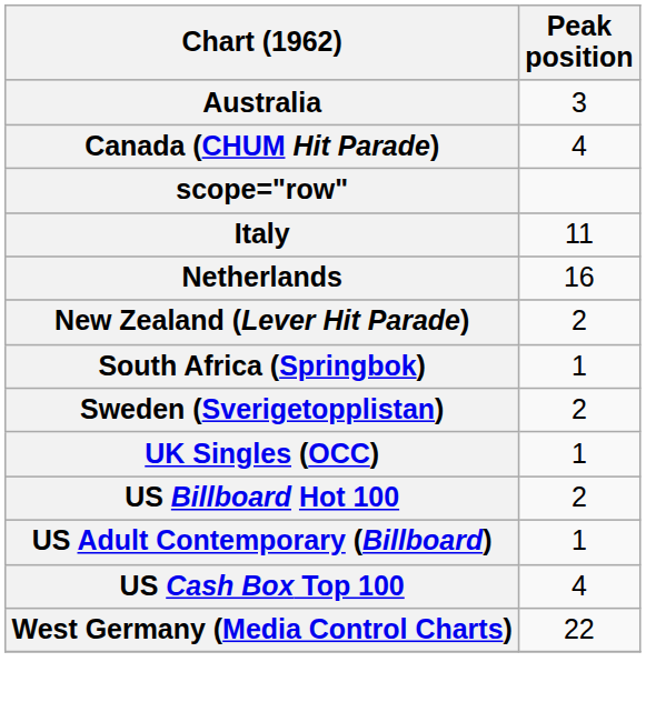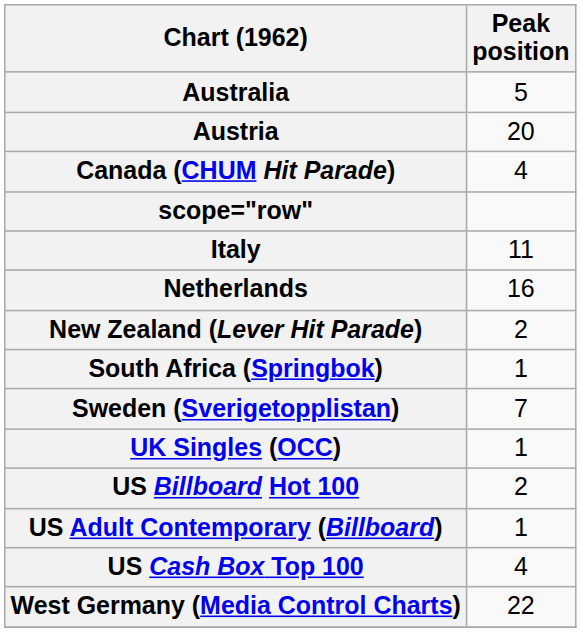 <table class="wikitable plainrowheaders sortable">
 <tr>
 <th>Chart (1962)</th>
 <th>Peak<br>position</th>
 </tr>
 <tr>
 <th scope="row">Australia</th>
-<td style="text-align:center;">3</td>
+<td style="text-align:center;">5</td>
+</tr>
+<tr>
+<th scope="row">Austria</th>
+<td style="text-align:center;">20</td>
 </tr>
 <tr>
 <th scope="row">Canada (<a href='#'>CHUM</a> <em>Hit Parade</em>)</th>
 <td style="text-align:center;">4</td>
 </tr>
 <tr>
 <th>scope="row" </th>
 </tr>
 <tr>
 <th scope="row">Italy</th>
 <td style="text-align:center;">11</td>
 </tr>
 <tr>
 <th scope="row">Netherlands</th>
 <td style="text-align:center;">16</td>
 </tr>
 <tr>
 <th scope="row">New Zealand (<em>Lever Hit Parade</em>)</th>
 <td style="text-align:center;">2</td>
 </tr>
 <tr>
 <th scope="row">South Africa (<a href='#'>Springbok</a>)</th>
 <td align="center">1</td>
 </tr>
 <tr>
 <th scope="row">Sweden (<a href='#'>Sverigetopplistan</a>)</th>
-<td style="text-align:center;">2</td>
+<td style="text-align:center;">7</td>
 </tr>
 <tr>
 <th scope="row"><a href='#'>UK Singles</a> (<a href='#'>OCC</a>)</th>
 <td style="text-align:center;">1</td>
 </tr>
 <tr>
 <th scope="row">US <em><a href='#'>Billboard</a></em> <a href='#'>Hot 100</a></th>
 <td style="text-align:center;">2</td>
 </tr>
 <tr>
 <th scope="row">US <a href='#'>Adult Contemporary</a> (<em><a href='#'>Billboard</a></em>)</th>
 <td style="text-align:center;">1</td>
 </tr>
 <tr>
 <th scope="row">US <a href='#'><em>Cash Box</em> Top 100</a></th>
 <td align="center">4</td>
 </tr>
 <tr>
 <th scope="row">West Germany (<a href='#'>Media Control Charts</a>)</th>
 <td style="text-align:center;">22</td>
 </tr>
 <tr>
 </tr>
 </table>
